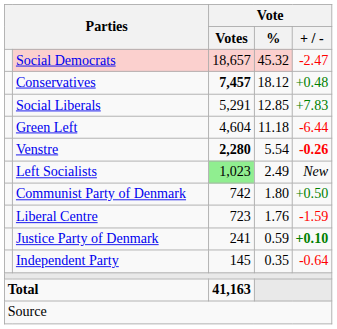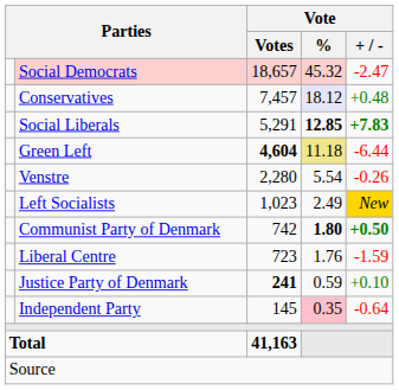 <table class="wikitable" style="text-align:right;">
 <tr>
 <th style="text-align:centre;" rowspan="2" colspan="2" width="225">Parties</th>
 <th colspan="3">Vote</th>
 </tr>
 <tr>
 <th width="15">Votes</th>
 <th width="15">%</th>
 <th width="15">+ / -</th>
 </tr>
 <tr>
 <td width="2" style="color:inherit;background:"></td>
 <td bgcolor=#fbd0ce  align="left"><a href='#'>Social Democrats</a></td>
 <td bgcolor=#fbd0ce>18,657</td>
 <td bgcolor=#fbd0ce>45.32</td>
 <td style=color:red;>-2.47</td>
 </tr>
 <tr>
 <td width="2" style="color:inherit;background:"></td>
 <td align="left"><a href='#'>Conservatives</a></td>
-<td><strong>7,457</strong></td>
-<td>18.12</td>
+<td>7,457</td>
+<td style="background: lavender;">18.12</td>
 <td style=color:green;>+0.48</td>
 </tr>
 <tr>
 <td width="2" style="color:inherit;background:"></td>
 <td align="left"><a href='#'>Social Liberals</a></td>
 <td>5,291</td>
-<td>12.85</td>
-<td style=color:green;>+7.83</td>
+<td><strong>12.85</strong></td>
+<td style=color:green;><strong>+7.83</strong></td>
 </tr>
 <tr>
 <td width="2" style="color:inherit;background:"></td>
 <td align="left"><a href='#'>Green Left</a></td>
-<td>4,604</td>
-<td>11.18</td>
+<td><strong>4,604</strong></td>
+<td style="background: khaki;">11.18</td>
 <td style=color:red;>-6.44</td>
 </tr>
 <tr>
 <td width="2" style="color:inherit;background:"></td>
 <td align="left"><a href='#'>Venstre</a></td>
-<td><strong>2,280</strong></td>
+<td>2,280</td>
 <td>5.54</td>
-<td style=color:red;><strong>-0.26</strong></td>
+<td style=color:red;>-0.26</td>
 </tr>
 <tr>
 <td width="2" style="color:inherit;background:"></td>
 <td align="left"><a href='#'>Left Socialists</a></td>
-<td style="background: lightgreen;">1,023</td>
+<td>1,023</td>
 <td>2.49</td>
-<td><em>New</em></td>
+<td style="background: gold;"><em>New</em></td>
 </tr>
 <tr>
 <td width="2" style="color:inherit;background:"></td>
 <td align="left"><a href='#'>Communist Party of Denmark</a></td>
 <td>742</td>
-<td>1.80</td>
-<td style=color:green;>+0.50</td>
+<td><strong>1.80</strong></td>
+<td style=color:green;><strong>+0.50</strong></td>
 </tr>
 <tr>
 <td width="2" style="color:inherit;background:"></td>
 <td align="left"><a href='#'>Liberal Centre</a></td>
 <td>723</td>
 <td>1.76</td>
 <td style=color:red;>-1.59</td>
 </tr>
 <tr>
 <td width="2" style="color:inherit;background:"></td>
 <td align="left"><a href='#'>Justice Party of Denmark</a></td>
-<td>241</td>
+<td><strong>241</strong></td>
 <td>0.59</td>
-<td style=color:green;><strong>+0.10</strong></td>
+<td style=color:green;>+0.10</td>
 </tr>
 <tr>
 <td width="2" style="color:inherit;background:"></td>
 <td align="left"><a href='#'>Independent Party</a></td>
 <td>145</td>
-<td>0.35</td>
+<td style="background: pink;">0.35</td>
 <td style=color:red;>-0.64</td>
 </tr>
 <tr>
 <td colspan="7" bgcolor="#E9E9E9"></td>
 </tr>
 <tr>
 <td align="left" colspan="2"><strong>Total</strong></td>
 <td><strong>41,163</strong></td>
 <td bgcolor="#E9E9E9" colspan="2"></td>
 </tr>
 <tr>
 <td align="left" colspan="6">Source</td>
 </tr>
 </table>
